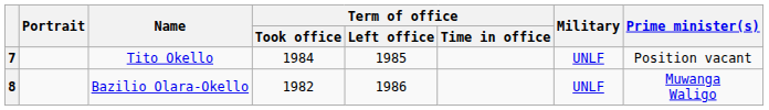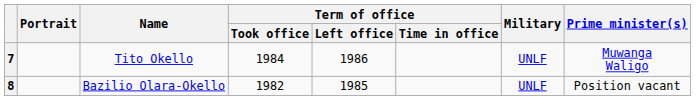 <table class="wikitable" style="text-align:center">
 <tr>
 <th rowspan="2"></th>
 <th rowspan="2">Portrait</th>
 <th rowspan="2">Name<br></th>
 <th colspan="3">Term of office</th>
 <th rowspan="2">Military</th>
 <th rowspan="2"><a href='#'>Prime minister(s)</a></th>
 </tr>
 <tr>
 <th>Took office</th>
 <th>Left office</th>
 <th>Time in office</th>
 </tr>
 <tr>
 <th style="background:">7</th>
 <td></td>
 <td><a href='#'> Tito Okello</a><br></td>
 <td> 1984</td>
-<td> 1985<br></td>
+<td> 1986<br></td>
 <td></td>
 <td><a href='#'>UNLF</a></td>
-<td>Position vacant</td>
+<td><a href='#'>Muwanga</a><br><a href='#'>Waligo</a></td>
 </tr>
 <tr>
 <th style="background:">8</th>
 <td></td>
 <td><a href='#'> Bazilio Olara-Okello</a><br></td>
 <td> 1982</td>
-<td> 1986<br></td>
+<td> 1985<br></td>
 <td></td>
 <td><a href='#'>UNLF</a></td>
-<td><a href='#'>Muwanga</a><br><a href='#'>Waligo</a></td>
+<td>Position vacant</td>
 </tr>
 </table>
